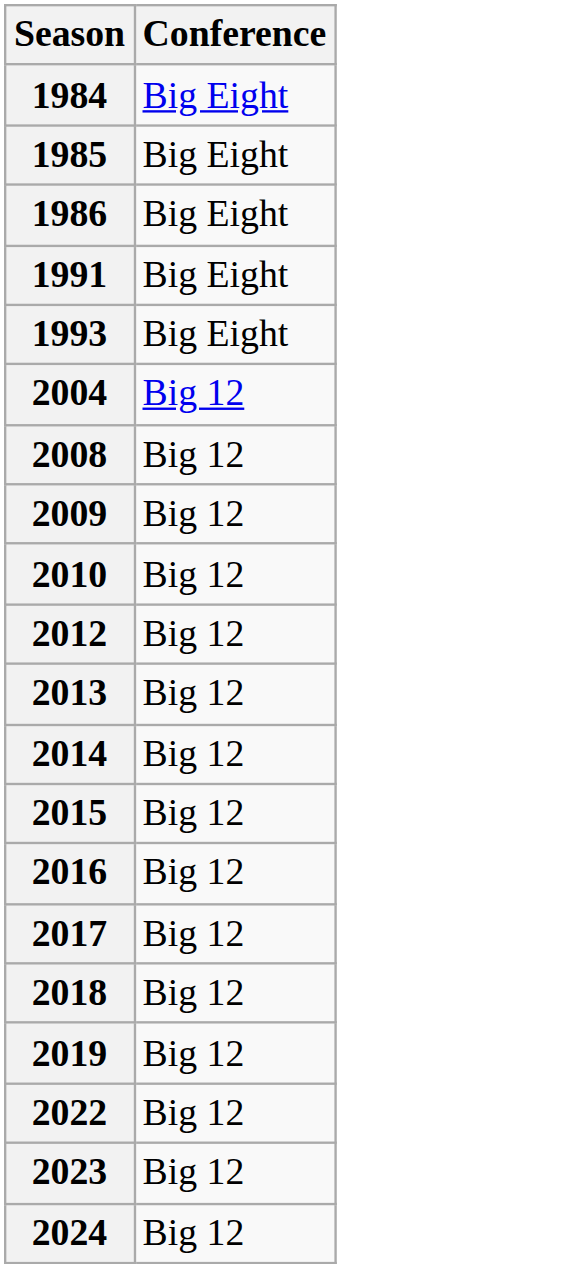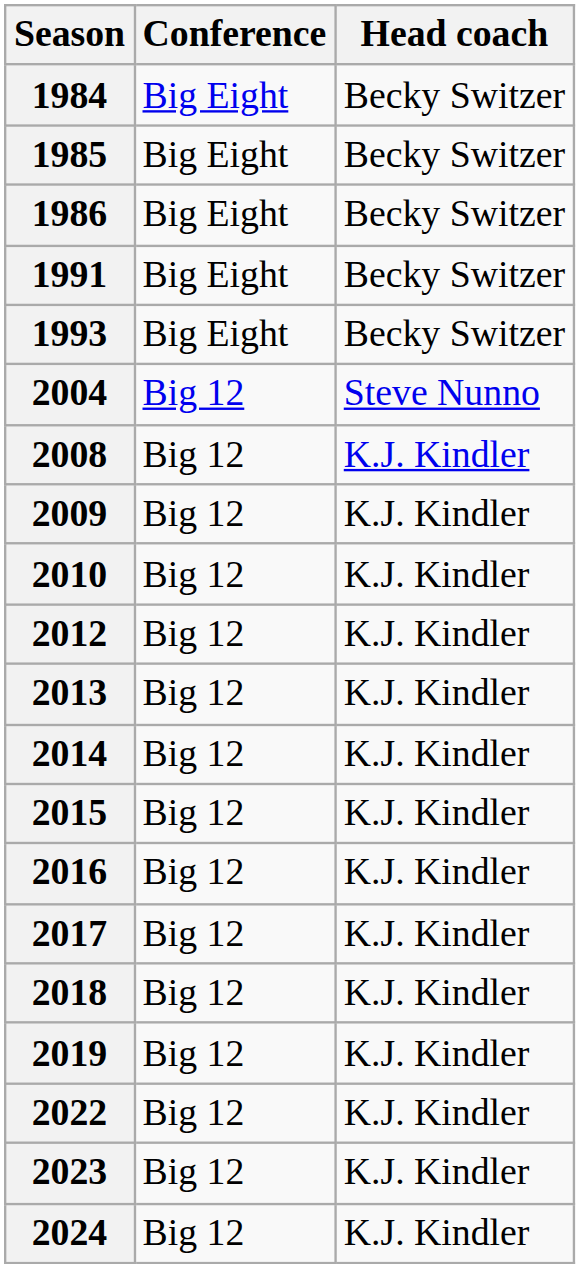 <table class="sortable plainrowheaders wikitable">
 <tr>
 <th scope="col">Season</th>
 <th scope="col">Conference</th>
+<th scope="col">Head coach</th>
 </tr>
 <tr>
 <th scope="row" style="text-align:center">1984</th>
 <td><a href='#'>Big Eight</a></td>
+<td>Becky Switzer</td>
 </tr>
 <tr>
 <th scope="row" style="text-align:center">1985</th>
 <td>Big Eight</td>
+<td>Becky Switzer</td>
 </tr>
 <tr>
 <th scope="row" style="text-align:center">1986</th>
 <td>Big Eight</td>
+<td>Becky Switzer</td>
 </tr>
 <tr>
 <th scope="row" style="text-align:center">1991</th>
 <td>Big Eight</td>
+<td>Becky Switzer</td>
 </tr>
 <tr>
 <th scope="row" style="text-align:center">1993</th>
 <td>Big Eight</td>
+<td>Becky Switzer</td>
 </tr>
 <tr>
 <th scope="row" style="text-align:center">2004</th>
 <td><a href='#'>Big 12</a></td>
+<td><a href='#'>Steve Nunno</a></td>
 </tr>
 <tr>
 <th scope="row" style="text-align:center">2008</th>
 <td>Big 12</td>
+<td><a href='#'>K.J. Kindler</a></td>
 </tr>
 <tr>
 <th scope="row" style="text-align:center">2009</th>
 <td>Big 12</td>
+<td>K.J. Kindler</td>
 </tr>
 <tr>
 <th scope="row" style="text-align:center">2010</th>
 <td>Big 12</td>
+<td>K.J. Kindler</td>
 </tr>
 <tr>
 <th scope="row" style="text-align:center">2012</th>
 <td>Big 12</td>
+<td>K.J. Kindler</td>
 </tr>
 <tr>
 <th scope="row" style="text-align:center">2013</th>
 <td>Big 12</td>
+<td>K.J. Kindler</td>
 </tr>
 <tr>
 <th scope="row" style="text-align:center">2014</th>
 <td>Big 12</td>
+<td>K.J. Kindler</td>
 </tr>
 <tr>
 <th scope="row" style="text-align:center">2015</th>
 <td>Big 12</td>
+<td>K.J. Kindler</td>
 </tr>
 <tr>
 <th scope="row" style="text-align:center">2016</th>
 <td>Big 12</td>
+<td>K.J. Kindler</td>
 </tr>
 <tr>
 <th scope="row" style="text-align:center">2017</th>
 <td>Big 12</td>
+<td>K.J. Kindler</td>
 </tr>
 <tr>
 <th scope="row" style="text-align:center">2018</th>
 <td>Big 12</td>
+<td>K.J. Kindler</td>
 </tr>
 <tr>
 <th scope="row" style="text-align:center">2019</th>
 <td>Big 12</td>
+<td>K.J. Kindler</td>
 </tr>
 <tr>
 <th scope="row" style="text-align:center">2022</th>
 <td>Big 12</td>
+<td>K.J. Kindler</td>
 </tr>
 <tr>
 <th scope="row" style="text-align:center">2023</th>
 <td>Big 12</td>
+<td>K.J. Kindler</td>
 </tr>
 <tr>
 <th scope="row" style="text-align:center">2024</th>
 <td>Big 12</td>
+<td>K.J. Kindler</td>
 </tr>
 </table>
